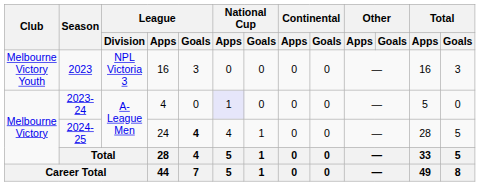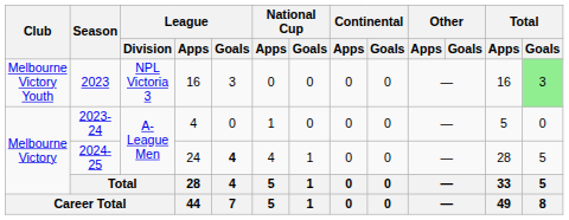 <table class="wikitable" style="text-align:center">
 <tr>
 <th rowspan="2">Club</th>
 <th rowspan="2">Season</th>
 <th colspan="3">League</th>
 <th colspan="2">National Cup</th>
 <th colspan="2">Continental</th>
 <th colspan="2">Other</th>
 <th colspan="2">Total</th>
 </tr>
 <tr>
 <th>Division</th>
 <th>Apps</th>
 <th>Goals</th>
 <th>Apps</th>
 <th>Goals</th>
 <th>Apps</th>
 <th>Goals</th>
 <th>Apps</th>
 <th>Goals</th>
 <th>Apps</th>
 <th>Goals</th>
 </tr>
 <tr>
 <td><a href='#'>Melbourne Victory Youth</a></td>
 <td><a href='#'>2023</a></td>
 <td><a href='#'>NPL Victoria 3</a></td>
 <td>16</td>
 <td>3</td>
 <td>0</td>
 <td>0</td>
 <td>0</td>
 <td>0</td>
 <td colspan="2">—</td>
 <td>16</td>
-<td>3</td>
+<td style="background: lightgreen;">3</td>
 </tr>
 <tr>
 <td rowspan="3"><a href='#'>Melbourne Victory</a></td>
 <td><a href='#'>2023-24</a></td>
 <td rowspan="2"><a href='#'>A-League</a> <a href='#'>Men</a></td>
 <td>4</td>
 <td>0</td>
-<td style="background: lavender;">1</td>
+<td>1</td>
 <td>0</td>
 <td>0</td>
 <td>0</td>
 <td colspan="2">—</td>
 <td>5</td>
 <td>0</td>
 </tr>
 <tr>
 <td><a href='#'>2024-25</a></td>
 <td>24</td>
 <td><strong>4</strong></td>
 <td>4</td>
 <td>1</td>
 <td>0</td>
 <td>0</td>
 <td colspan="2">—</td>
 <td>28</td>
 <td>5</td>
 </tr>
 <tr>
 <th colspan="2">Total</th>
 <th>28</th>
 <th>4</th>
 <th>5</th>
 <th>1</th>
 <th>0</th>
 <th>0</th>
 <th colspan="2">—</th>
 <th>33</th>
 <th>5</th>
 </tr>
 <tr>
 <th colspan="3">Career Total</th>
 <th>44</th>
 <th>7</th>
 <th>5</th>
 <th>1</th>
 <th>0</th>
 <th>0</th>
 <th colspan="2">—</th>
 <th>49</th>
 <th>8</th>
 </tr>
 </table>
